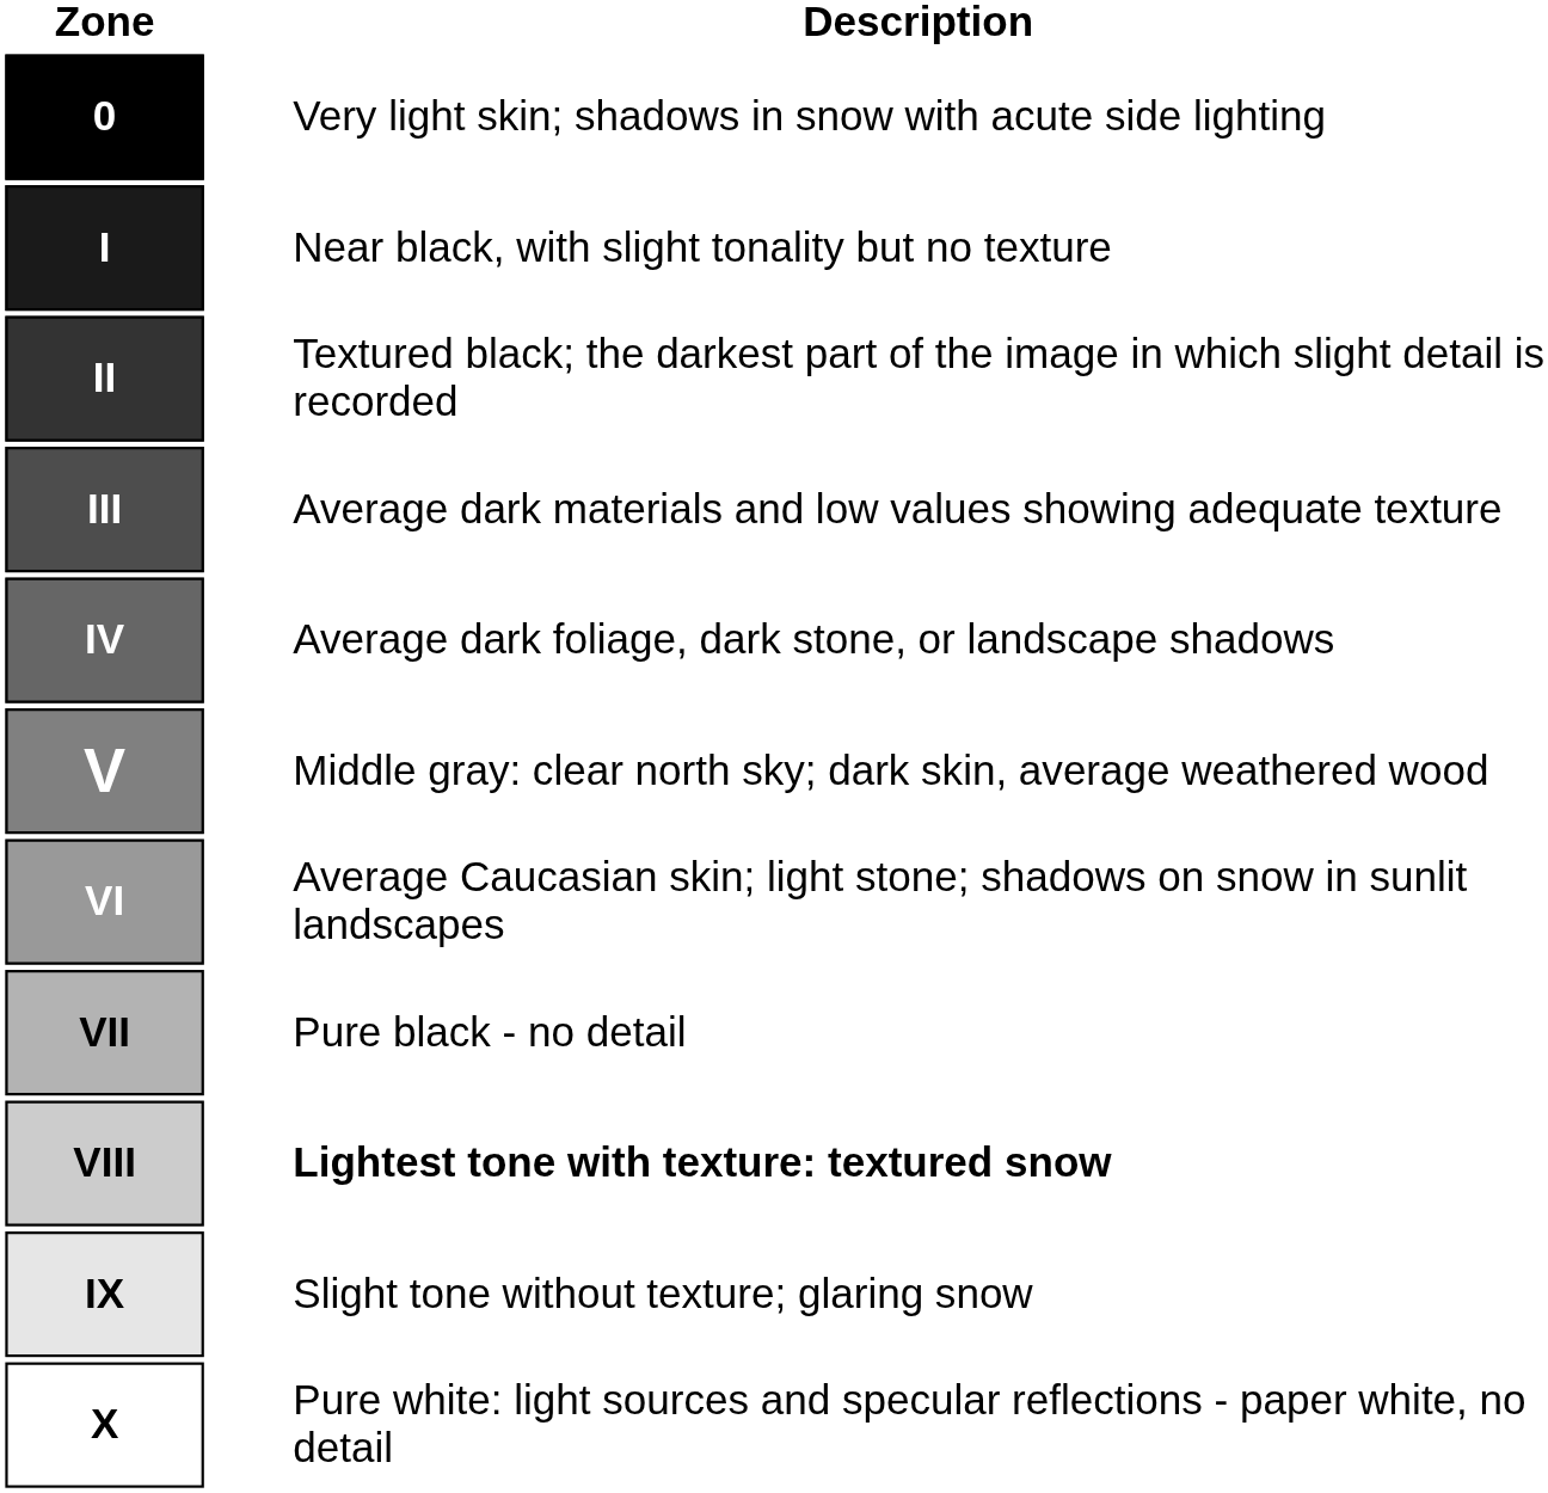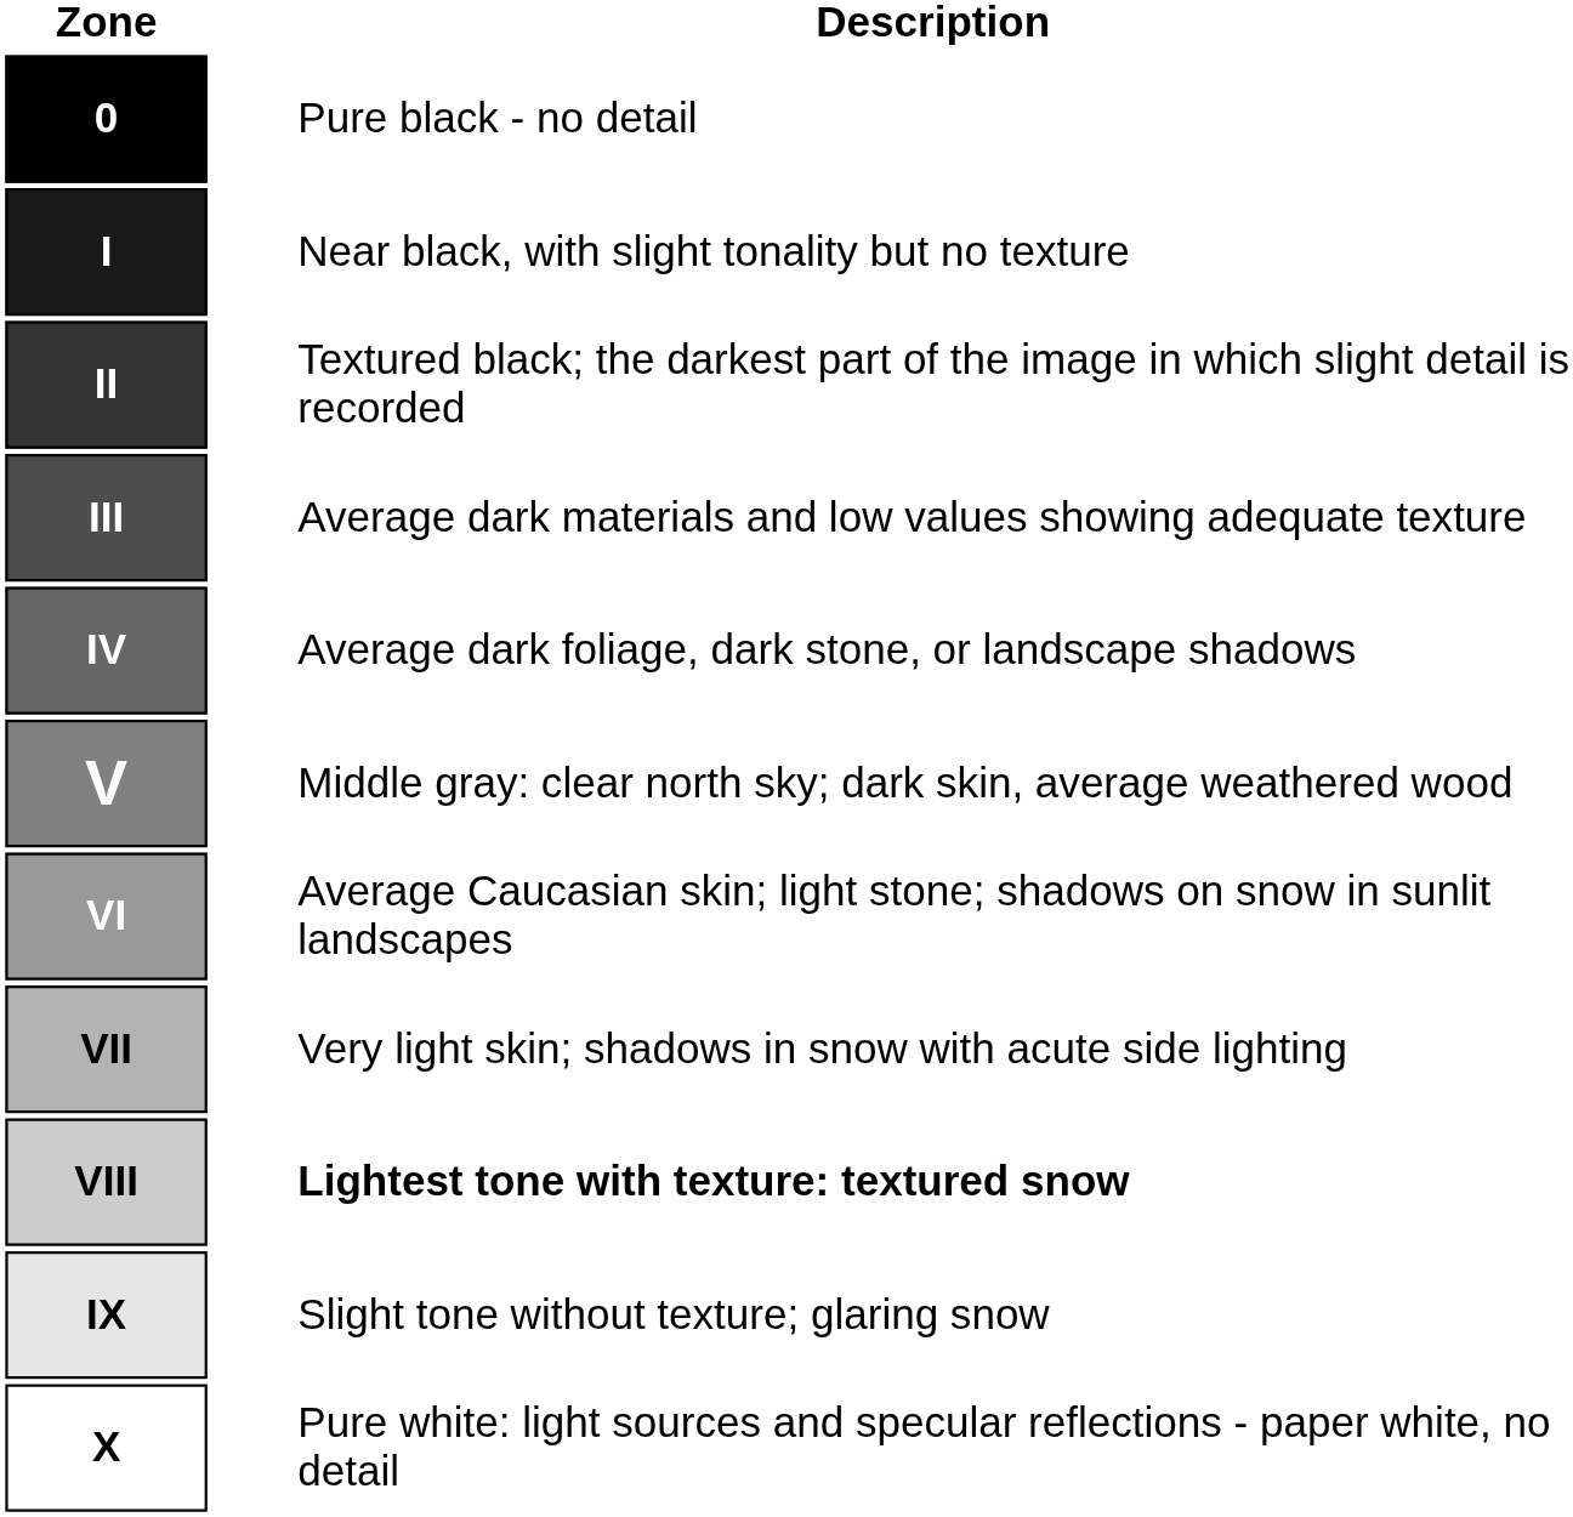 <table align="center">
 <tr>
 <th>Zone</th>
 <th>Description</th>
 </tr>
 <tr style="height: 3em;">
 <td style="border: 1px solid black; background-color: #000000; color: #fff; font-weight: bold; width: 3em; margin: 0; text-align: center;">0</td>
-<td style="padding-left: 2em;">Very light skin; shadows in snow with acute side lighting</td>
+<td style="padding-left: 2em;">Pure black - no detail</td>
 </tr>
 <tr style="height: 3em;">
 <td style="border: 1px solid black; background-color: #1a1a1a; color: #fff; font-weight: bold; width: 3em; margin: 0; text-align: center;">I</td>
 <td style="padding-left: 2em;">Near black, with slight tonality but no texture</td>
 </tr>
 <tr style="height: 3em;">
 <td style="border: 1px solid black; background-color: #333333; color: #fff; font-weight: bold; width: 3em; margin: 0; text-align: center;">II</td>
 <td style="padding-left: 2em;">Textured black; the darkest part of the image in which slight detail is recorded</td>
 </tr>
 <tr style="height: 3em;">
 <td style="border: 1px solid black; background-color: #4d4d4d; color: #fff; font-weight: bold; width: 3em; margin: 0; text-align: center;">III</td>
 <td style="padding-left: 2em;">Average dark materials and low values showing adequate texture</td>
 </tr>
 <tr style="height: 3em;">
 <td style="border: 1px solid black; background-color: #666666; color: #fff; font-weight: bold; width: 3em; margin: 0; text-align: center;">IV</td>
 <td style="padding-left: 2em;">Average dark foliage, dark stone, or landscape shadows</td>
 </tr>
 <tr style="height: 3em;">
 <td style="border: 1px solid black; background-color: #808080; color: #fff; font-weight: bold; font-size: 150%; width: 3em; margin: 0; text-align: center;">V</td>
 <td style="padding-left: 2em;">Middle gray: clear north sky; dark skin, average weathered wood</td>
 </tr>
 <tr style="height: 3em;">
 <td style="border: 1px solid black; background-color: #999999; color: #fff; font-weight: bold; width: 3em; margin: 0; text-align: center;">VI</td>
 <td style="padding-left: 2em;">Average Caucasian skin; light stone; shadows on snow in sunlit landscapes</td>
 </tr>
 <tr style="height: 3em;">
 <td style="border: 1px solid black; background-color: #b3b3b3; font-weight: bold; width: 3em; margin: 0; text-align: center;">VII</td>
-<td style="padding-left: 2em;">Pure black - no detail</td>
+<td style="padding-left: 2em;">Very light skin; shadows in snow with acute side lighting</td>
 </tr>
 <tr style="height: 3em;">
 <td style="border: 1px solid black; background-color: #cccccc; font-weight: bold; width: 3em; margin: 0; text-align: center;">VIII</td>
 <td style="padding-left: 2em;"><strong>Lightest tone with texture: textured snow</strong></td>
 </tr>
 <tr style="height: 3em;">
 <td style="border: 1px solid black; background-color: #e6e6e6; font-weight: bold; width: 3em; margin: 0; text-align: center;">IX</td>
 <td style="padding-left: 2em;">Slight tone without texture; glaring snow</td>
 </tr>
 <tr style="height: 3em;">
 <td style="border: 1px solid black; background-color: #fff; font-weight: bold; width: 3em; margin: 0; text-align: center;">X</td>
 <td style="padding-left: 2em;">Pure white: light sources and specular reflections - paper white, no detail</td>
 </tr>
 </table>
